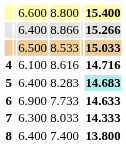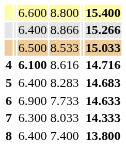 <table>
 <tr style="background:#fffcaf;">
 <th scope=row style="text-align:center"></th>
 <td style="text-align:left;"></td>
 <td>6.600</td>
 <td>8.800</td>
 <td></td>
 <td><strong>15.400</strong></td>
 </tr>
 <tr style="background:#e5e5e5;">
 <th scope=row style="text-align:center"></th>
 <td style="text-align:left;"></td>
 <td>6.400</td>
 <td>8.866</td>
 <td></td>
 <td><strong>15.266</strong></td>
 </tr>
 <tr style="background:#ec9;">
 <th scope=row style="text-align:center"></th>
 <td style="text-align:left;"></td>
 <td>6.500</td>
 <td>8.533</td>
 <td></td>
 <td><strong>15.033</strong></td>
 </tr>
 <tr>
 <th scope=row style="text-align:center">4</th>
 <td style="text-align:left;"></td>
-<td>6.100</td>
+<td><strong>6.100</strong></td>
 <td>8.616</td>
 <td></td>
 <td><strong>14.716</strong></td>
 </tr>
 <tr>
 <th scope=row style="text-align:center">5</th>
 <td style="text-align:left;"></td>
 <td>6.400</td>
 <td>8.283</td>
 <td></td>
-<td style="background: paleturquoise;"><strong>14.683</strong></td>
+<td><strong>14.683</strong></td>
 </tr>
 <tr>
 <th scope=row style="text-align:center">6</th>
 <td style="text-align:left;"></td>
 <td>6.900</td>
 <td>7.733</td>
 <td></td>
 <td><strong>14.633</strong></td>
 </tr>
 <tr>
 <th scope=row style="text-align:center">7</th>
 <td style="text-align:left;"></td>
 <td>6.300</td>
 <td>8.033</td>
 <td></td>
 <td><strong>14.333</strong></td>
 </tr>
 <tr>
 <th scope=row style="text-align:center">8</th>
 <td style="text-align:left;"></td>
 <td>6.400</td>
 <td>7.400</td>
 <td></td>
 <td><strong>13.800</strong></td>
 </tr>
 </table>
